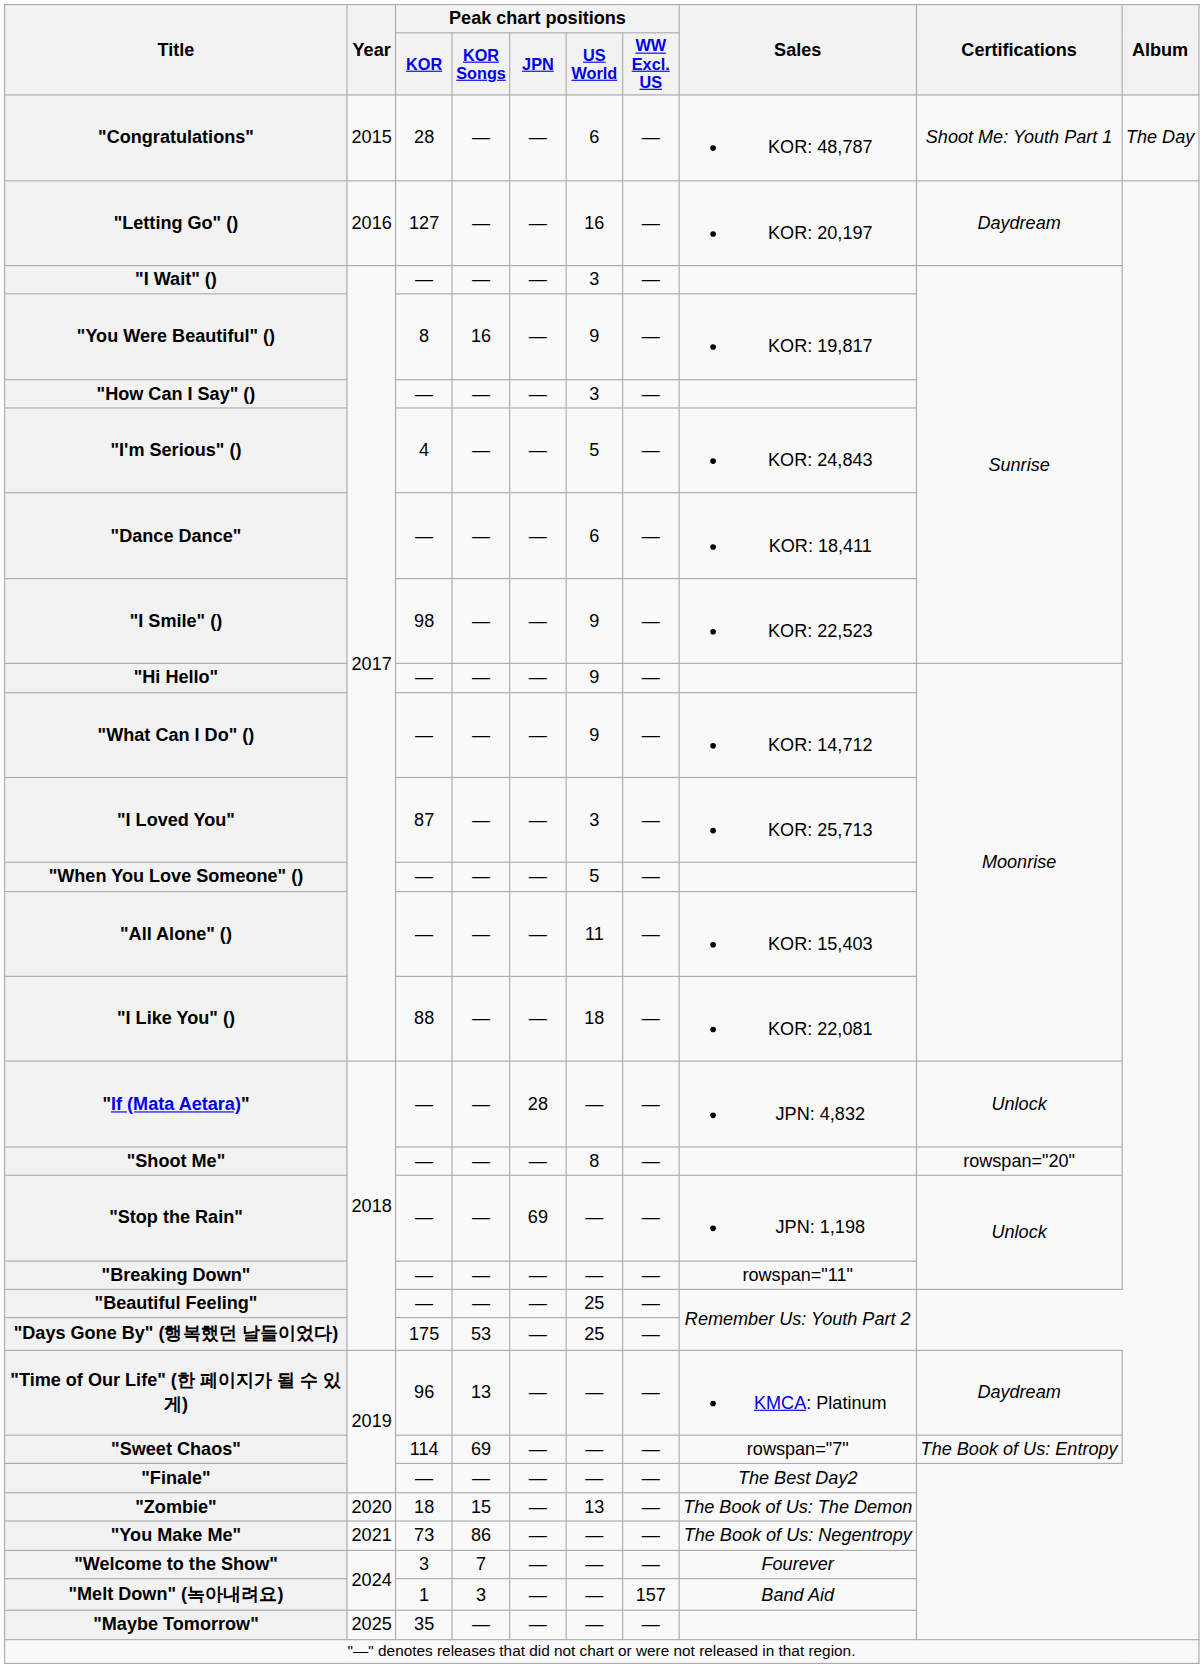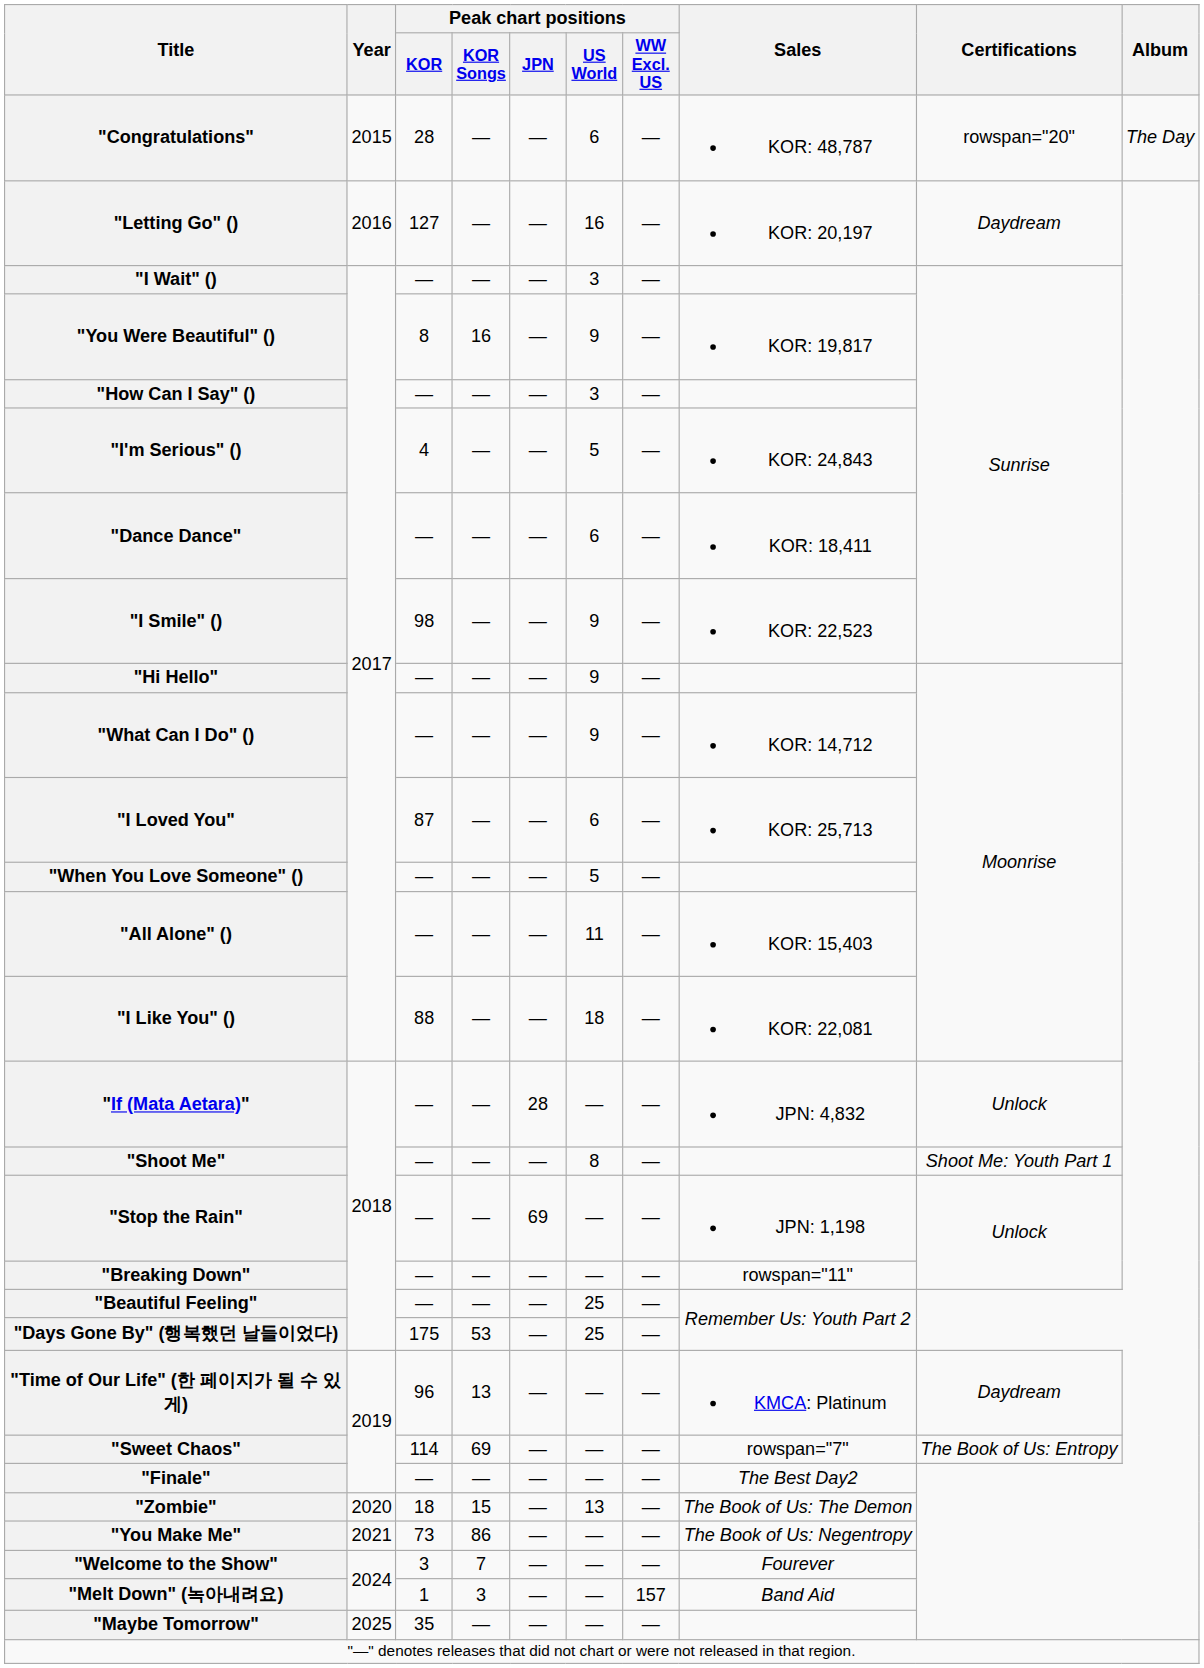 <table class="wikitable plainrowheaders" style="text-align:center;">
 <tr>
 <th scope="col" rowspan="2" style="width:18.5em;">Title</th>
 <th scope="col" rowspan="2">Year</th>
 <th scope="col" colspan="5">Peak chart positions</th>
 <th scope="col" rowspan="2">Sales<br></th>
 <th scope="col" rowspan="2">Certifications</th>
 <th scope="col" rowspan="2">Album</th>
 </tr>
 <tr>
 <th scope="col" style="width:3em;font-size:90%;"><a href='#'>KOR</a><br></th>
 <th scope="col" style="width:3em;font-size:90%;"><a href='#'>KOR<br>Songs</a><br></th>
 <th scope="col" style="width:3em;font-size:90%;"><a href='#'>JPN</a><br></th>
 <th scope="col" style="width:3em;font-size:90%;"><a href='#'>US<br>World</a><br></th>
 <th scope="col" style="width:3em;font-size:90%;"><a href='#'>WW<br>Excl.<br>US</a><br></th>
 </tr>
 <tr>
 <th scope="row">"Congratulations"</th>
 <td>2015</td>
 <td>28</td>
 <td>—</td>
 <td>—</td>
 <td>6</td>
 <td>—</td>
 <td><br><ul><li>KOR: 48,787</li></ul></td>
-<td><em>Shoot Me: Youth Part 1</em></td>
+<td>rowspan="20" </td>
 <td><em>The Day</em></td>
 </tr>
 <tr>
 <th scope="row">"Letting Go" ()</th>
 <td>2016</td>
 <td>127</td>
 <td>—</td>
 <td>—</td>
 <td>16</td>
 <td>—</td>
 <td><br><ul><li>KOR: 20,197</li></ul></td>
 <td><em>Daydream</em></td>
 </tr>
 <tr>
 <th scope="row">"I Wait" ()</th>
 <td rowspan="12">2017</td>
 <td>—</td>
 <td>—</td>
 <td>—</td>
 <td>3</td>
 <td>—</td>
 <td></td>
 <td rowspan="6"><em>Sunrise</em></td>
 </tr>
 <tr>
 <th scope="row">"You Were Beautiful" ()</th>
 <td>8</td>
 <td>16</td>
 <td>—</td>
 <td>9</td>
 <td>—</td>
 <td><br><ul><li>KOR: 19,817</li></ul></td>
 </tr>
 <tr>
 <th scope="row">"How Can I Say" ()</th>
 <td>—</td>
 <td>—</td>
 <td>—</td>
 <td>3</td>
 <td>—</td>
 <td></td>
 </tr>
 <tr>
 <th scope="row">"I'm Serious" ()</th>
 <td>4</td>
 <td>—</td>
 <td>—</td>
 <td>5</td>
 <td>—</td>
 <td><br><ul><li>KOR: 24,843</li></ul></td>
 </tr>
 <tr>
 <th scope="row">"Dance Dance"</th>
 <td>—</td>
 <td>—</td>
 <td>—</td>
 <td>6</td>
 <td>—</td>
 <td><br><ul><li>KOR: 18,411</li></ul></td>
 </tr>
 <tr>
 <th scope="row">"I Smile" ()</th>
 <td>98</td>
 <td>—</td>
 <td>—</td>
 <td>9</td>
 <td>—</td>
 <td><br><ul><li>KOR: 22,523</li></ul></td>
 </tr>
 <tr>
 <th scope="row">"Hi Hello"</th>
 <td>—</td>
 <td>—</td>
 <td>—</td>
 <td>9</td>
 <td>—</td>
 <td></td>
 <td rowspan="6"><em>Moonrise</em></td>
 </tr>
 <tr>
 <th scope="row">"What Can I Do" ()</th>
 <td>—</td>
 <td>—</td>
 <td>—</td>
 <td>9</td>
 <td>—</td>
 <td><br><ul><li>KOR: 14,712</li></ul></td>
 </tr>
 <tr>
 <th scope="row">"I Loved You"</th>
 <td>87</td>
 <td>—</td>
 <td>—</td>
-<td>3</td>
+<td>6</td>
 <td>—</td>
 <td><br><ul><li>KOR: 25,713</li></ul></td>
 </tr>
 <tr>
 <th scope="row">"When You Love Someone" ()</th>
 <td>—</td>
 <td>—</td>
 <td>—</td>
 <td>5</td>
 <td>—</td>
 <td></td>
 </tr>
 <tr>
 <th scope="row">"All Alone" ()</th>
 <td>—</td>
 <td>—</td>
 <td>—</td>
 <td>11</td>
 <td>—</td>
 <td><br><ul><li>KOR: 15,403</li></ul></td>
 </tr>
 <tr>
 <th scope="row">"I Like You" ()</th>
 <td>88</td>
 <td>—</td>
 <td>—</td>
 <td>18</td>
 <td>—</td>
 <td><br><ul><li>KOR: 22,081</li></ul></td>
 </tr>
 <tr>
 <th scope="row">"<a href='#'>If (Mata Aetara)</a>" </th>
 <td rowspan="6">2018</td>
 <td>—</td>
 <td>—</td>
 <td>28</td>
 <td>—</td>
 <td>—</td>
 <td><br><ul><li>JPN: 4,832</li></ul></td>
 <td><em>Unlock</em></td>
 </tr>
 <tr>
 <th scope="row">"Shoot Me"</th>
 <td>—</td>
 <td>—</td>
 <td>—</td>
 <td>8</td>
 <td>—</td>
 <td></td>
-<td>rowspan="20" </td>
+<td><em>Shoot Me: Youth Part 1</em></td>
 </tr>
 <tr>
 <th scope="row">"Stop the Rain"</th>
 <td>—</td>
 <td>—</td>
 <td>69</td>
 <td>—</td>
 <td>—</td>
 <td><br><ul><li>JPN: 1,198</li></ul></td>
 <td rowspan="2"><em>Unlock</em></td>
 </tr>
 <tr>
 <th scope="row">"Breaking Down"</th>
 <td>—</td>
 <td>—</td>
 <td>—</td>
 <td>—</td>
 <td>—</td>
 <td>rowspan="11" </td>
 </tr>
 <tr>
 <th scope="row">"Beautiful Feeling"</th>
 <td>—</td>
 <td>—</td>
 <td>—</td>
 <td>25</td>
 <td>—</td>
 <td rowspan="2"><em>Remember Us: Youth Part 2</em></td>
 </tr>
 <tr>
 <th scope="row">"Days Gone By" (행복했던 날들이었다)</th>
 <td>175</td>
 <td>53</td>
 <td>—</td>
 <td>25</td>
 <td>—</td>
 </tr>
 <tr>
 <th scope="row">"Time of Our Life" (한 페이지가 될 수 있게)</th>
 <td rowspan="3">2019</td>
 <td>96</td>
 <td>13</td>
 <td>—</td>
 <td>—</td>
 <td>—</td>
 <td><br><ul><li><a href='#'>KMCA</a>: Platinum </li></ul></td>
 <td><em>Daydream</em></td>
 </tr>
 <tr>
 <th scope="row">"Sweet Chaos"</th>
 <td>114</td>
 <td>69</td>
 <td>—</td>
 <td>—</td>
 <td>—</td>
 <td>rowspan="7" </td>
 <td><em>The Book of Us: Entropy</em></td>
 </tr>
 <tr>
 <th scope="row">"Finale"</th>
 <td>—</td>
 <td>—</td>
 <td>—</td>
 <td>—</td>
 <td>—</td>
 <td><em>The Best Day2</em></td>
 </tr>
 <tr>
 <th scope="row">"Zombie"</th>
 <td>2020</td>
 <td>18</td>
 <td>15</td>
 <td>—</td>
 <td>13</td>
 <td>—</td>
 <td><em>The Book of Us: The Demon</em></td>
 </tr>
 <tr>
 <th scope="row">"You Make Me"</th>
 <td>2021</td>
 <td>73</td>
 <td>86</td>
 <td>—</td>
 <td>—</td>
 <td>—</td>
 <td><em>The Book of Us: Negentropy</em></td>
 </tr>
 <tr>
 <th scope="row">"Welcome to the Show"</th>
 <td rowspan="2">2024</td>
 <td>3</td>
 <td>7</td>
 <td>—</td>
 <td>—</td>
 <td>—</td>
 <td><em>Fourever</em></td>
 </tr>
 <tr>
 <th scope="row">"Melt Down" (녹아내려요)</th>
 <td>1</td>
 <td>3</td>
 <td>—</td>
 <td>—</td>
 <td>157</td>
 <td><em>Band Aid</em></td>
 </tr>
 <tr>
 <th scope="row">"Maybe Tomorrow"</th>
 <td>2025</td>
 <td>35</td>
 <td>—</td>
 <td>—</td>
 <td>—</td>
 <td>—</td>
 <td></td>
 </tr>
 <tr>
 <td colspan="10" style="font-size:85%">"—" denotes releases that did not chart or were not released in that region.</td>
 </tr>
 </table>
